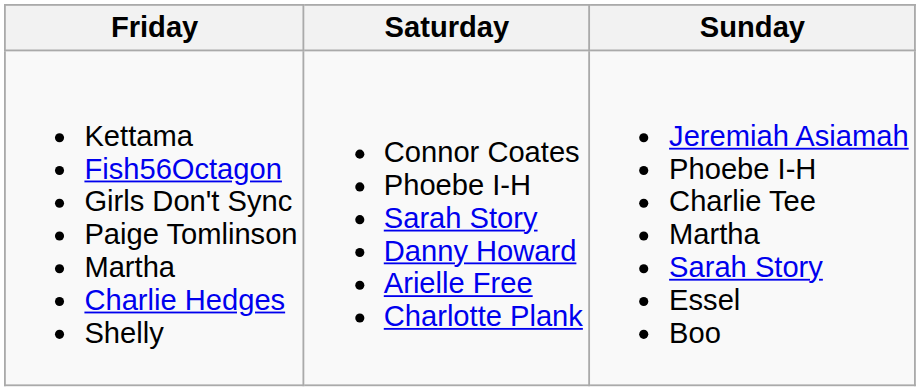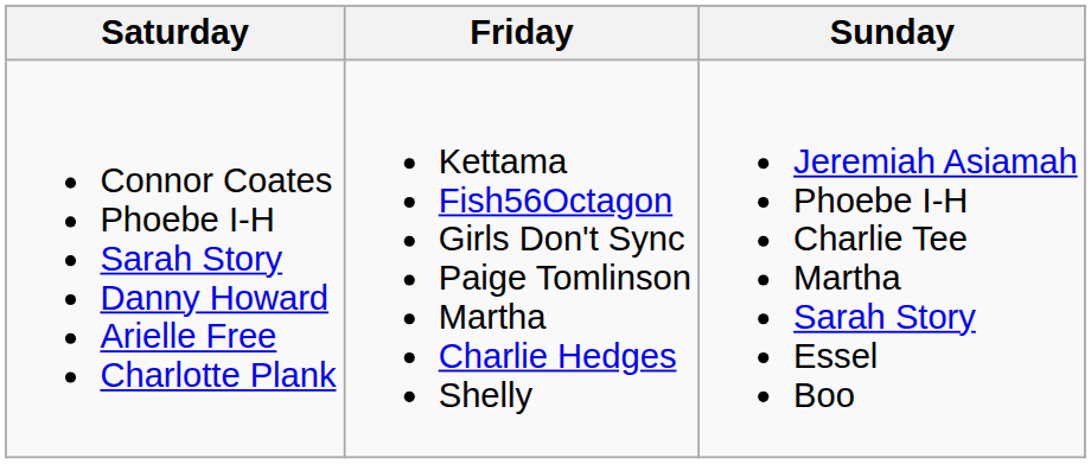 <table class="wikitable">
 <tr>
+<th>Saturday</th>
 <th>Friday</th>
-<th>Saturday</th>
 <th>Sunday</th>
 </tr>
 <tr>
+<td><br><ul><li>Connor Coates</li><li>Phoebe I-H</li><li><a href='#'>Sarah Story</a></li><li><a href='#'>Danny Howard</a></li><li><a href='#'>Arielle Free</a></li><li><a href='#'>Charlotte Plank</a></li></ul></td>
 <td><br><ul><li>Kettama</li><li><a href='#'>Fish56Octagon</a></li><li>Girls Don't Sync</li><li>Paige Tomlinson</li><li>Martha</li><li><a href='#'>Charlie Hedges</a></li><li>Shelly</li></ul></td>
-<td><br><ul><li>Connor Coates</li><li>Phoebe I-H</li><li><a href='#'>Sarah Story</a></li><li><a href='#'>Danny Howard</a></li><li><a href='#'>Arielle Free</a></li><li><a href='#'>Charlotte Plank</a></li></ul></td>
 <td><br><ul><li><a href='#'>Jeremiah Asiamah</a></li><li>Phoebe I-H</li><li>Charlie Tee</li><li>Martha</li><li><a href='#'>Sarah Story</a></li><li>Essel</li><li>Boo</li></ul></td>
 </tr>
 </table>
